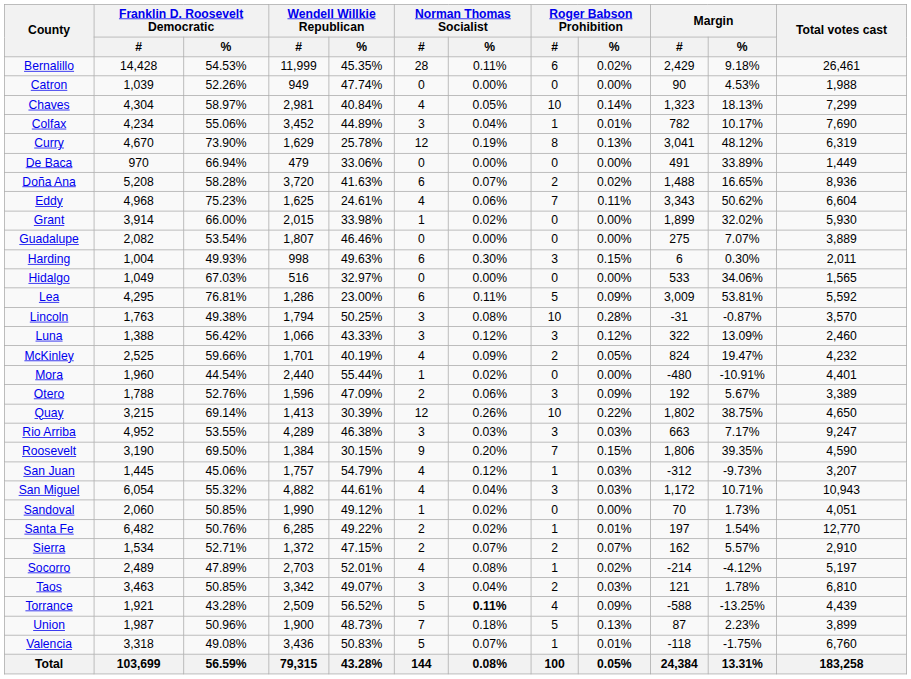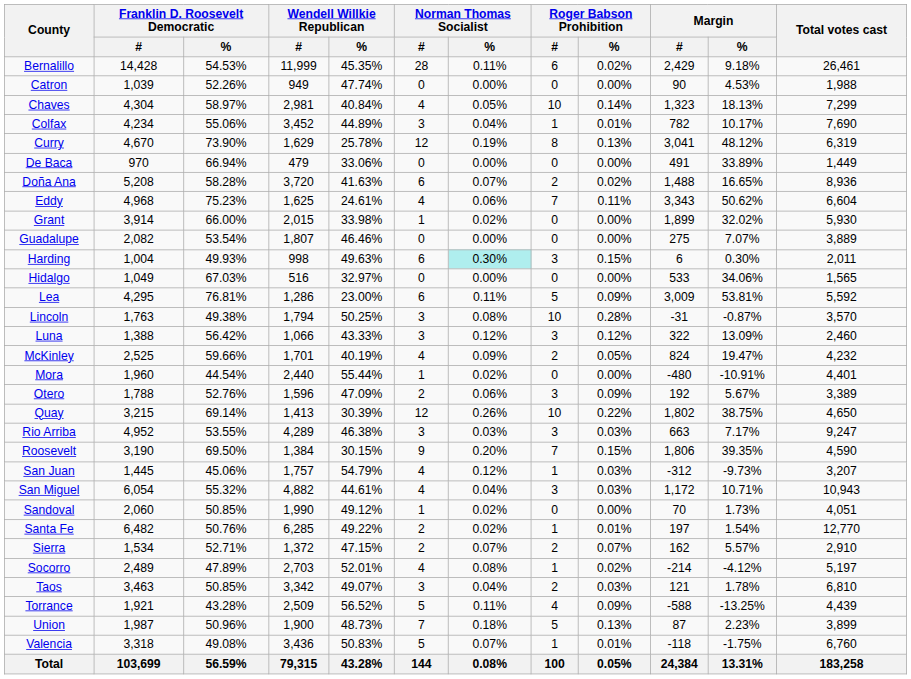 <table width="75%" class="wikitable sortable" style="text-align:center">
 <tr>
 <th style="text-align:center;" rowspan="2">County</th>
 <th style="text-align:center;" colspan="2"><a href='#'>Franklin D. Roosevelt</a><br>Democratic</th>
 <th style="text-align:center;" colspan="2"><a href='#'>Wendell Willkie</a><br>Republican</th>
 <th style="text-align:center;" colspan="2"><a href='#'>Norman Thomas</a><br>Socialist</th>
 <th style="text-align:center;" colspan="2"><a href='#'>Roger Babson</a><br>Prohibition</th>
 <th style="text-align:center;" colspan="2">Margin</th>
 <th style="text-align:center;" rowspan="2">Total votes cast</th>
 </tr>
 <tr>
 <th style="text-align:center;" data-sort-type="number">#</th>
 <th style="text-align:center;" data-sort-type="number">%</th>
 <th style="text-align:center;" data-sort-type="number">#</th>
 <th style="text-align:center;" data-sort-type="number">%</th>
 <th style="text-align:center;" data-sort-type="number">#</th>
 <th style="text-align:center;" data-sort-type="number">%</th>
 <th style="text-align:center;" data-sort-type="number">#</th>
 <th style="text-align:center;" data-sort-type="number">%</th>
 <th style="text-align:center;" data-sort-type="number">#</th>
 <th style="text-align:center;" data-sort-type="number">%</th>
 </tr>
 <tr style="text-align:center;">
 <td><a href='#'>Bernalillo</a></td>
 <td>14,428</td>
 <td>54.53%</td>
 <td>11,999</td>
 <td>45.35%</td>
 <td>28</td>
 <td>0.11%</td>
 <td>6</td>
 <td>0.02%</td>
 <td>2,429</td>
 <td>9.18%</td>
 <td>26,461</td>
 </tr>
 <tr style="text-align:center;">
 <td><a href='#'>Catron</a></td>
 <td>1,039</td>
 <td>52.26%</td>
 <td>949</td>
 <td>47.74%</td>
 <td>0</td>
 <td>0.00%</td>
 <td>0</td>
 <td>0.00%</td>
 <td>90</td>
 <td>4.53%</td>
 <td>1,988</td>
 </tr>
 <tr style="text-align:center;">
 <td><a href='#'>Chaves</a></td>
 <td>4,304</td>
 <td>58.97%</td>
 <td>2,981</td>
 <td>40.84%</td>
 <td>4</td>
 <td>0.05%</td>
 <td>10</td>
 <td>0.14%</td>
 <td>1,323</td>
 <td>18.13%</td>
 <td>7,299</td>
 </tr>
 <tr style="text-align:center;">
 <td><a href='#'>Colfax</a></td>
 <td>4,234</td>
 <td>55.06%</td>
 <td>3,452</td>
 <td>44.89%</td>
 <td>3</td>
 <td>0.04%</td>
 <td>1</td>
 <td>0.01%</td>
 <td>782</td>
 <td>10.17%</td>
 <td>7,690</td>
 </tr>
 <tr style="text-align:center;">
 <td><a href='#'>Curry</a></td>
 <td>4,670</td>
 <td>73.90%</td>
 <td>1,629</td>
 <td>25.78%</td>
 <td>12</td>
 <td>0.19%</td>
 <td>8</td>
 <td>0.13%</td>
 <td>3,041</td>
 <td>48.12%</td>
 <td>6,319</td>
 </tr>
 <tr style="text-align:center;">
 <td><a href='#'>De Baca</a></td>
 <td>970</td>
 <td>66.94%</td>
 <td>479</td>
 <td>33.06%</td>
 <td>0</td>
 <td>0.00%</td>
 <td>0</td>
 <td>0.00%</td>
 <td>491</td>
 <td>33.89%</td>
 <td>1,449</td>
 </tr>
 <tr style="text-align:center;">
 <td><a href='#'>Doña Ana</a></td>
 <td>5,208</td>
 <td>58.28%</td>
 <td>3,720</td>
 <td>41.63%</td>
 <td>6</td>
 <td>0.07%</td>
 <td>2</td>
 <td>0.02%</td>
 <td>1,488</td>
 <td>16.65%</td>
 <td>8,936</td>
 </tr>
 <tr style="text-align:center;">
 <td><a href='#'>Eddy</a></td>
 <td>4,968</td>
 <td>75.23%</td>
 <td>1,625</td>
 <td>24.61%</td>
 <td>4</td>
 <td>0.06%</td>
 <td>7</td>
 <td>0.11%</td>
 <td>3,343</td>
 <td>50.62%</td>
 <td>6,604</td>
 </tr>
 <tr style="text-align:center;">
 <td><a href='#'>Grant</a></td>
 <td>3,914</td>
 <td>66.00%</td>
 <td>2,015</td>
 <td>33.98%</td>
 <td>1</td>
 <td>0.02%</td>
 <td>0</td>
 <td>0.00%</td>
 <td>1,899</td>
 <td>32.02%</td>
 <td>5,930</td>
 </tr>
 <tr style="text-align:center;">
 <td><a href='#'>Guadalupe</a></td>
 <td>2,082</td>
 <td>53.54%</td>
 <td>1,807</td>
 <td>46.46%</td>
 <td>0</td>
 <td>0.00%</td>
 <td>0</td>
 <td>0.00%</td>
 <td>275</td>
 <td>7.07%</td>
 <td>3,889</td>
 </tr>
 <tr style="text-align:center;">
 <td><a href='#'>Harding</a></td>
 <td>1,004</td>
 <td>49.93%</td>
 <td>998</td>
 <td>49.63%</td>
 <td>6</td>
-<td>0.30%</td>
+<td style="background: paleturquoise;">0.30%</td>
 <td>3</td>
 <td>0.15%</td>
 <td>6</td>
 <td>0.30%</td>
 <td>2,011</td>
 </tr>
 <tr style="text-align:center;">
 <td><a href='#'>Hidalgo</a></td>
 <td>1,049</td>
 <td>67.03%</td>
 <td>516</td>
 <td>32.97%</td>
 <td>0</td>
 <td>0.00%</td>
 <td>0</td>
 <td>0.00%</td>
 <td>533</td>
 <td>34.06%</td>
 <td>1,565</td>
 </tr>
 <tr style="text-align:center;">
 <td><a href='#'>Lea</a></td>
 <td>4,295</td>
 <td>76.81%</td>
 <td>1,286</td>
 <td>23.00%</td>
 <td>6</td>
 <td>0.11%</td>
 <td>5</td>
 <td>0.09%</td>
 <td>3,009</td>
 <td>53.81%</td>
 <td>5,592</td>
 </tr>
 <tr style="text-align:center;">
 <td><a href='#'>Lincoln</a></td>
 <td>1,763</td>
 <td>49.38%</td>
 <td>1,794</td>
 <td>50.25%</td>
 <td>3</td>
 <td>0.08%</td>
 <td>10</td>
 <td>0.28%</td>
 <td>-31</td>
 <td>-0.87%</td>
 <td>3,570</td>
 </tr>
 <tr style="text-align:center;">
 <td><a href='#'>Luna</a></td>
 <td>1,388</td>
 <td>56.42%</td>
 <td>1,066</td>
 <td>43.33%</td>
 <td>3</td>
 <td>0.12%</td>
 <td>3</td>
 <td>0.12%</td>
 <td>322</td>
 <td>13.09%</td>
 <td>2,460</td>
 </tr>
 <tr style="text-align:center;">
 <td><a href='#'>McKinley</a></td>
 <td>2,525</td>
 <td>59.66%</td>
 <td>1,701</td>
 <td>40.19%</td>
 <td>4</td>
 <td>0.09%</td>
 <td>2</td>
 <td>0.05%</td>
 <td>824</td>
 <td>19.47%</td>
 <td>4,232</td>
 </tr>
 <tr style="text-align:center;">
 <td><a href='#'>Mora</a></td>
 <td>1,960</td>
 <td>44.54%</td>
 <td>2,440</td>
 <td>55.44%</td>
 <td>1</td>
 <td>0.02%</td>
 <td>0</td>
 <td>0.00%</td>
 <td>-480</td>
 <td>-10.91%</td>
 <td>4,401</td>
 </tr>
 <tr style="text-align:center;">
 <td><a href='#'>Otero</a></td>
 <td>1,788</td>
 <td>52.76%</td>
 <td>1,596</td>
 <td>47.09%</td>
 <td>2</td>
 <td>0.06%</td>
 <td>3</td>
 <td>0.09%</td>
 <td>192</td>
 <td>5.67%</td>
 <td>3,389</td>
 </tr>
 <tr style="text-align:center;">
 <td><a href='#'>Quay</a></td>
 <td>3,215</td>
 <td>69.14%</td>
 <td>1,413</td>
 <td>30.39%</td>
 <td>12</td>
 <td>0.26%</td>
 <td>10</td>
 <td>0.22%</td>
 <td>1,802</td>
 <td>38.75%</td>
 <td>4,650</td>
 </tr>
 <tr style="text-align:center;">
 <td><a href='#'>Rio Arriba</a></td>
 <td>4,952</td>
 <td>53.55%</td>
 <td>4,289</td>
 <td>46.38%</td>
 <td>3</td>
 <td>0.03%</td>
 <td>3</td>
 <td>0.03%</td>
 <td>663</td>
 <td>7.17%</td>
 <td>9,247</td>
 </tr>
 <tr style="text-align:center;">
 <td><a href='#'>Roosevelt</a></td>
 <td>3,190</td>
 <td>69.50%</td>
 <td>1,384</td>
 <td>30.15%</td>
 <td>9</td>
 <td>0.20%</td>
 <td>7</td>
 <td>0.15%</td>
 <td>1,806</td>
 <td>39.35%</td>
 <td>4,590</td>
 </tr>
 <tr style="text-align:center;">
 <td><a href='#'>San Juan</a></td>
 <td>1,445</td>
 <td>45.06%</td>
 <td>1,757</td>
 <td>54.79%</td>
 <td>4</td>
 <td>0.12%</td>
 <td>1</td>
 <td>0.03%</td>
 <td>-312</td>
 <td>-9.73%</td>
 <td>3,207</td>
 </tr>
 <tr style="text-align:center;">
 <td><a href='#'>San Miguel</a></td>
 <td>6,054</td>
 <td>55.32%</td>
 <td>4,882</td>
 <td>44.61%</td>
 <td>4</td>
 <td>0.04%</td>
 <td>3</td>
 <td>0.03%</td>
 <td>1,172</td>
 <td>10.71%</td>
 <td>10,943</td>
 </tr>
 <tr style="text-align:center;">
 <td><a href='#'>Sandoval</a></td>
 <td>2,060</td>
 <td>50.85%</td>
 <td>1,990</td>
 <td>49.12%</td>
 <td>1</td>
 <td>0.02%</td>
 <td>0</td>
 <td>0.00%</td>
 <td>70</td>
 <td>1.73%</td>
 <td>4,051</td>
 </tr>
 <tr style="text-align:center;">
 <td><a href='#'>Santa Fe</a></td>
 <td>6,482</td>
 <td>50.76%</td>
 <td>6,285</td>
 <td>49.22%</td>
 <td>2</td>
 <td>0.02%</td>
 <td>1</td>
 <td>0.01%</td>
 <td>197</td>
 <td>1.54%</td>
 <td>12,770</td>
 </tr>
 <tr style="text-align:center;">
 <td><a href='#'>Sierra</a></td>
 <td>1,534</td>
 <td>52.71%</td>
 <td>1,372</td>
 <td>47.15%</td>
 <td>2</td>
 <td>0.07%</td>
 <td>2</td>
 <td>0.07%</td>
 <td>162</td>
 <td>5.57%</td>
 <td>2,910</td>
 </tr>
 <tr style="text-align:center;">
 <td><a href='#'>Socorro</a></td>
 <td>2,489</td>
 <td>47.89%</td>
 <td>2,703</td>
 <td>52.01%</td>
 <td>4</td>
 <td>0.08%</td>
 <td>1</td>
 <td>0.02%</td>
 <td>-214</td>
 <td>-4.12%</td>
 <td>5,197</td>
 </tr>
 <tr style="text-align:center;">
 <td><a href='#'>Taos</a></td>
 <td>3,463</td>
 <td>50.85%</td>
 <td>3,342</td>
 <td>49.07%</td>
 <td>3</td>
 <td>0.04%</td>
 <td>2</td>
 <td>0.03%</td>
 <td>121</td>
 <td>1.78%</td>
 <td>6,810</td>
 </tr>
 <tr style="text-align:center;">
 <td><a href='#'>Torrance</a></td>
 <td>1,921</td>
 <td>43.28%</td>
 <td>2,509</td>
 <td>56.52%</td>
 <td>5</td>
-<td><strong>0.11%</strong></td>
+<td>0.11%</td>
 <td>4</td>
 <td>0.09%</td>
 <td>-588</td>
 <td>-13.25%</td>
 <td>4,439</td>
 </tr>
 <tr style="text-align:center;">
 <td><a href='#'>Union</a></td>
 <td>1,987</td>
 <td>50.96%</td>
 <td>1,900</td>
 <td>48.73%</td>
 <td>7</td>
 <td>0.18%</td>
 <td>5</td>
 <td>0.13%</td>
 <td>87</td>
 <td>2.23%</td>
 <td>3,899</td>
 </tr>
 <tr style="text-align:center;">
 <td><a href='#'>Valencia</a></td>
 <td>3,318</td>
 <td>49.08%</td>
 <td>3,436</td>
 <td>50.83%</td>
 <td>5</td>
 <td>0.07%</td>
 <td>1</td>
 <td>0.01%</td>
 <td>-118</td>
 <td>-1.75%</td>
 <td>6,760</td>
 </tr>
 <tr style="text-align:center;">
 <th>Total</th>
 <th>103,699</th>
 <th>56.59%</th>
 <th>79,315</th>
 <th>43.28%</th>
 <th>144</th>
 <th>0.08%</th>
 <th>100</th>
 <th>0.05%</th>
 <th>24,384</th>
 <th>13.31%</th>
 <th>183,258</th>
 </tr>
 </table>
